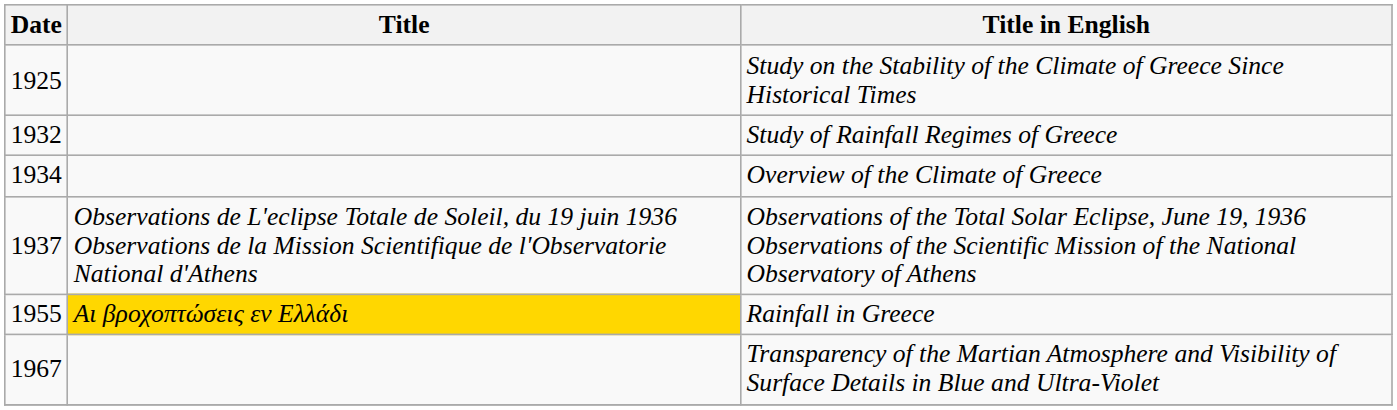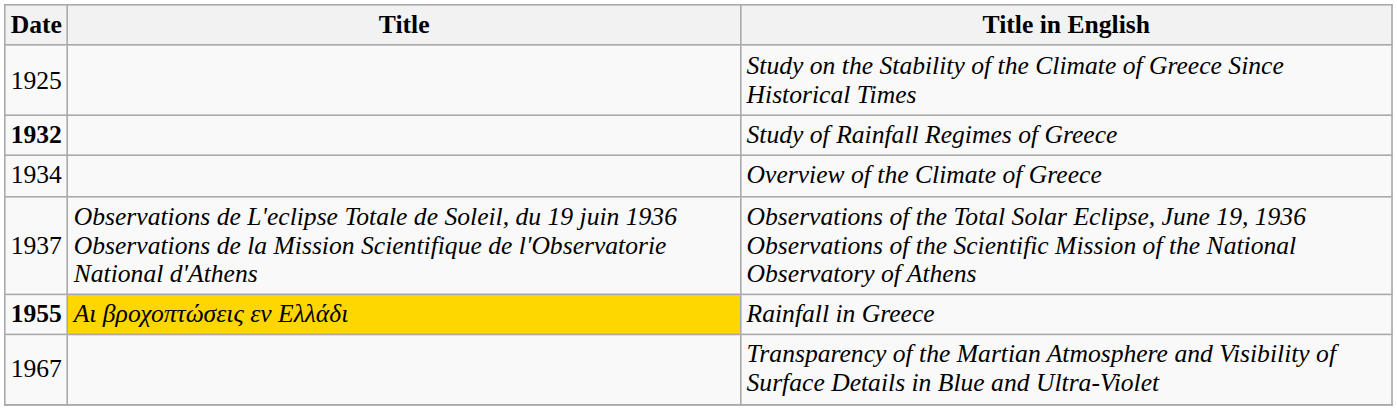 <table class="wikitable">
 <tr>
 <th>Date</th>
 <th>Title</th>
 <th>Title in English</th>
 </tr>
 <tr>
 <td>1925</td>
 <td><em></em></td>
 <td><em>Study on the Stability of the Climate of Greece Since Historical Times</em></td>
 </tr>
 <tr>
-<td>1932</td>
+<td><strong>1932</strong></td>
 <td><em></em></td>
 <td><em>Study of Rainfall Regimes of Greece</em></td>
 </tr>
 <tr>
 <td>1934</td>
 <td><em></em></td>
 <td><em>Overview of the Climate of Greece</em></td>
 </tr>
 <tr>
 <td>1937</td>
 <td><em>Observations de L'eclipse Totale de Soleil, du 19 juin 1936 Observations de la Mission Scientifique de l'Observatorie National d'Athens</em></td>
 <td><em>Observations of the Total Solar Eclipse, June 19, 1936 Observations of the Scientific Mission of the National Observatory of Athens</em></td>
 </tr>
 <tr>
-<td>1955</td>
+<td><strong>1955</strong></td>
 <td style="background: gold;"><em>Αι βροχοπτώσεις εν Ελλάδι</em></td>
 <td><em>Rainfall in Greece</em></td>
 </tr>
 <tr>
 <td>1967</td>
 <td><em></em></td>
 <td><em>Transparency of the Martian Atmosphere and Visibility of Surface Details in Blue and Ultra-Violet</em></td>
 </tr>
 <tr>
 </tr>
 </table>
